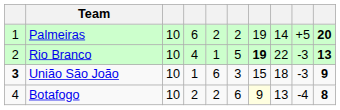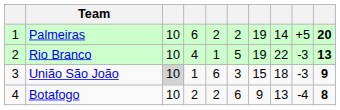 <table class="wikitable" style="text-align: center;">
 <tr>
 <th width=20></th>
 <th width=165>Team</th>
 <th width=20></th>
 <th width=20></th>
 <th width=20></th>
 <th width=20></th>
 <th width=20></th>
 <th width=20></th>
 <th width=20></th>
 <th width=20></th>
 </tr>
 <tr bgcolor="#ccffcc">
 <td>1</td>
 <td align=left><a href='#'>Palmeiras</a></td>
 <td>10</td>
 <td>6</td>
 <td>2</td>
 <td>2</td>
 <td>19</td>
 <td>14</td>
 <td>+5</td>
 <td><strong>20</strong></td>
 </tr>
 <tr bgcolor="#ccffcc">
 <td>2</td>
 <td align=left><a href='#'>Rio Branco</a></td>
 <td>10</td>
 <td>4</td>
 <td>1</td>
 <td>5</td>
-<td><strong>19</strong></td>
+<td>19</td>
 <td>22</td>
 <td>-3</td>
 <td><strong>13</strong></td>
 </tr>
 <tr>
-<td><strong>3</strong></td>
+<td>3</td>
 <td align=left><a href='#'>União São João</a></td>
-<td>10</td>
+<td style="background: lightgrey;">10</td>
 <td>1</td>
 <td>6</td>
 <td>3</td>
 <td>15</td>
 <td>18</td>
 <td>-3</td>
 <td><strong>9</strong></td>
 </tr>
 <tr>
 <td>4</td>
 <td align=left><a href='#'>Botafogo</a></td>
 <td>10</td>
 <td>2</td>
 <td>2</td>
 <td>6</td>
-<td style="background: lightyellow;">9</td>
+<td>9</td>
 <td>13</td>
 <td>-4</td>
 <td><strong>8</strong></td>
 </tr>
 </table>
